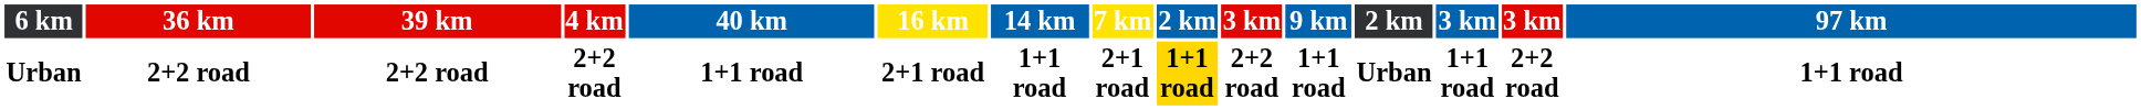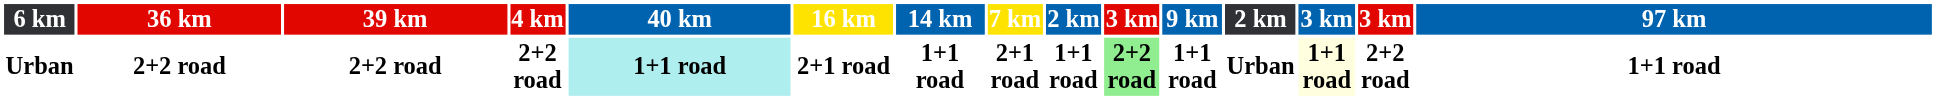 <table style="width:100%; font-weight:bold; text-align:center">
 <tr>
 <td style="background:#303134; width:2.1%; color:white">6 km</td>
 <td style="background:#E10600; width:12.8%; color:white">36 km</td>
 <td style="background:#E10600; width:14.2%; color:white"> 39 km</td>
 <td style="background:#E10600; width:1.4%; color:white">4 km</td>
 <td style="background:#0063AF; width:14.2%; color:white">40 km</td>
 <td style="background:#FFE300; width:5.7%; color:white">16 km</td>
 <td style="background:#0063AF; width:5%; color:white">14 km</td>
 <td style="background:#FFE300; width:2.5%; color:white">7 km</td>
 <td style="background:#0063AF; width:0.7%; color:white">2 km</td>
 <td style="background:#E10600; width:1.1%; color:white">3 km</td>
 <td style="background:#0063AF; width:3.2%; color:white">9 km</td>
 <td style="background:#303134; width:0.7%; color:white">2 km</td>
 <td style="background:#0063AF; width:1.1%; color:white">3 km</td>
 <td style="background:#E10600; width:1.1%; color:white">3 km</td>
 <td style="background:#0063AF; width:34.2%; color:white">97 km</td>
 </tr>
 <tr>
 <td>Urban</td>
 <td>2+2 road</td>
 <td>2+2 road</td>
 <td>2+2 road</td>
+<td style="background: paleturquoise;">1+1 road</td>
+<td>2+1 road</td>
 <td>1+1 road</td>
 <td>2+1 road</td>
 <td>1+1 road</td>
-<td>2+1 road</td>
-<td style="background: gold;">1+1 road</td>
-<td>2+2 road</td>
+<td style="background: lightgreen;">2+2 road</td>
 <td>1+1 road</td>
 <td>Urban</td>
-<td>1+1 road</td>
+<td style="background: lightyellow;">1+1 road</td>
 <td>2+2 road</td>
 <td>1+1 road</td>
 </tr>
 </table>
